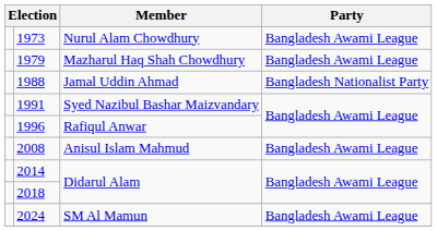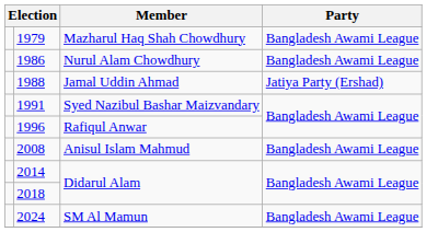 <table class="wikitable">
 <tr>
 <th colspan="2">Election</th>
 <th>Member</th>
 <th>Party</th>
-</tr>
-<tr>
-<td style="background-color:"></td>
-<td><a href='#'>1973</a></td>
-<td><a href='#'>Nurul Alam Chowdhury</a></td>
-<td><a href='#'>Bangladesh Awami League</a></td>
 </tr>
 <tr>
 <td style="background-color:"></td>
 <td><a href='#'>1979</a></td>
 <td><a href='#'>Mazharul Haq Shah Chowdhury</a></td>
 <td><a href='#'>Bangladesh Awami League</a></td>
 </tr>
 <tr>
 <td style="background-color:"></td>
+<td><a href='#'>1986</a></td>
+<td><a href='#'>Nurul Alam Chowdhury</a></td>
+<td><a href='#'>Bangladesh Awami League</a></td>
+</tr>
+<tr>
+<td style="background-color:"></td>
 <td><a href='#'>1988</a></td>
 <td><a href='#'>Jamal Uddin Ahmad</a></td>
-<td><a href='#'>Bangladesh Nationalist Party</a></td>
+<td><a href='#'>Jatiya Party (Ershad)</a></td>
 </tr>
 <tr>
 <td style="background-color:"></td>
 <td><a href='#'>1991</a></td>
 <td><a href='#'>Syed Nazibul Bashar Maizvandary</a></td>
 <td rowspan="2"><a href='#'>Bangladesh Awami League</a></td>
 </tr>
 <tr>
 <td style="background-color:"></td>
 <td><a href='#'>1996</a></td>
 <td><a href='#'>Rafiqul Anwar</a></td>
 </tr>
 <tr>
 <td style="background-color:"></td>
 <td><a href='#'>2008</a></td>
 <td><a href='#'>Anisul Islam Mahmud</a></td>
 <td><a href='#'>Bangladesh Awami League</a></td>
 </tr>
 <tr>
 <td style="background-color:"></td>
 <td><a href='#'>2014</a></td>
 <td rowspan="2"><a href='#'>Didarul Alam</a></td>
 <td rowspan="2"><a href='#'>Bangladesh Awami League</a></td>
 </tr>
 <tr>
 <td style="background-color:"></td>
 <td><a href='#'>2018</a></td>
 </tr>
 <tr>
 <td style="background-color:"></td>
 <td><a href='#'>2024</a></td>
 <td><a href='#'>SM Al Mamun</a></td>
 <td><a href='#'>Bangladesh Awami League</a></td>
 </tr>
 <tr>
 </tr>
 </table>
